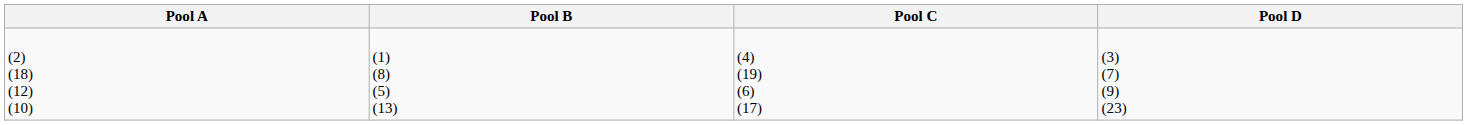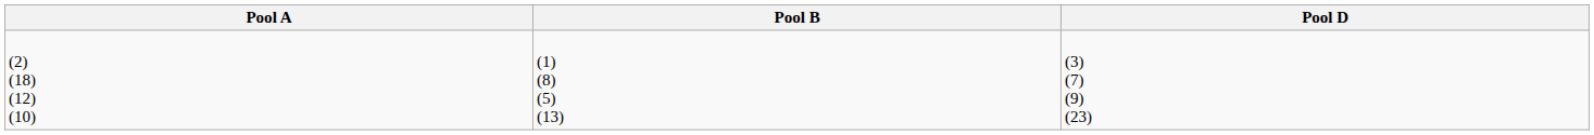 <table class="wikitable" width=98%>
 <tr>
 <th width=25%>Pool A</th>
 <th width=25%>Pool B</th>
-<th width=25%>Pool C</th>
 <th width=25%>Pool D</th>
 </tr>
 <tr>
 <td><br> (2)<br>   (18)<br>  (12)<br>   (10)<br></td>
 <td><br> (1)<br>   (8)<br>  (5)<br>  (13)<br></td>
-<td><br> (4)<br>   (19)<br>   (6)<br>   (17)<br></td>
 <td><br> (3)<br>  (7)<br>   (9)<br>   (23)<br></td>
 </tr>
 </table>
